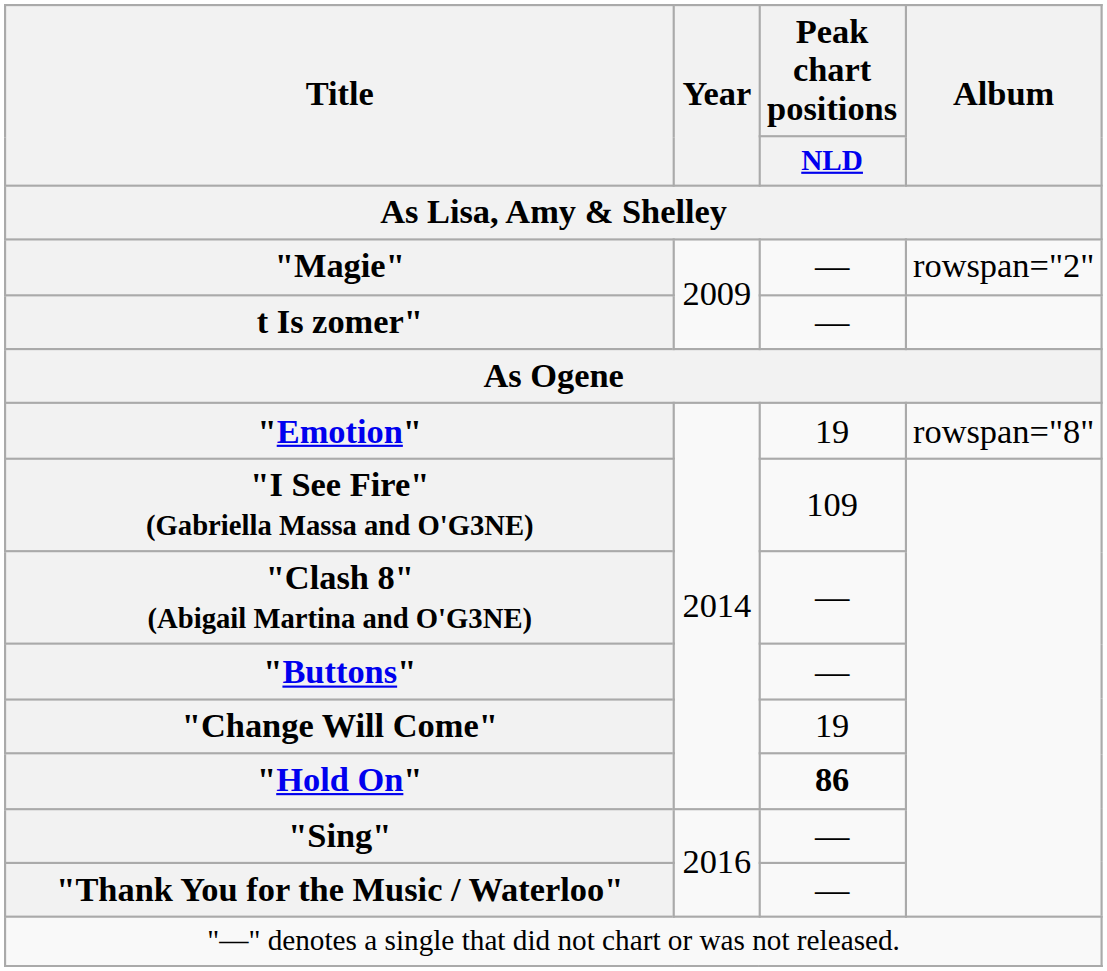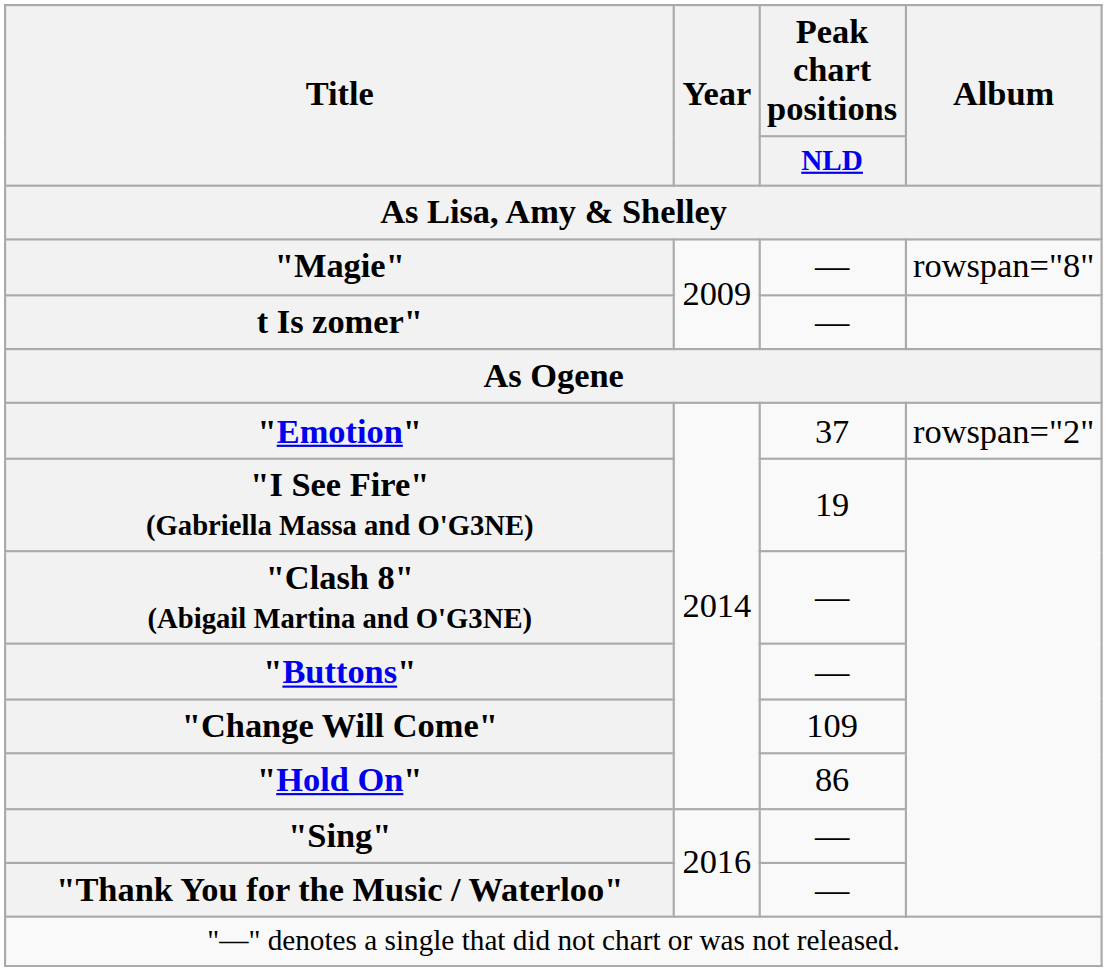 <table class="wikitable plainrowheaders" style="text-align:center;">
 <tr>
 <th scope="col" rowspan="2" style="width:19em;">Title</th>
 <th scope="col" rowspan="2" style="width:1em;">Year</th>
 <th scope="col">Peak chart positions</th>
 <th scope="col" rowspan="2">Album</th>
 </tr>
 <tr>
 <th scope="col" style="width:3em;font-size:85%;"><a href='#'>NLD</a><br></th>
 </tr>
 <tr>
 <th scope="col" colspan="6">As Lisa, Amy & Shelley</th>
 </tr>
 <tr>
 <th scope="row">"Magie"</th>
 <td rowspan="2">2009</td>
 <td>—</td>
-<td>rowspan="2" </td>
+<td>rowspan="8" </td>
 </tr>
 <tr>
 <th scope="row">t Is zomer"</th>
 <td>—</td>
 </tr>
 <tr>
 <th scope="col" colspan="6">As Ogene</th>
 </tr>
 <tr>
 <th scope="row">"<a href='#'>Emotion</a>"</th>
 <td rowspan="6">2014</td>
-<td>19</td>
-<td>rowspan="8" </td>
+<td>37</td>
+<td>rowspan="2" </td>
 </tr>
 <tr>
 <th scope="row">"I See Fire"<br><small>(Gabriella Massa and O'G3NE)</small></th>
-<td>109</td>
+<td>19</td>
 </tr>
 <tr>
 <th scope="row">"Clash 8"<br><small>(Abigail Martina and O'G3NE)</small></th>
 <td>—</td>
 </tr>
 <tr>
 <th scope="row">"<a href='#'>Buttons</a>"</th>
 <td>—</td>
 </tr>
 <tr>
 <th scope="row">"Change Will Come"</th>
-<td>19</td>
+<td>109</td>
 </tr>
 <tr>
 <th scope="row">"<a href='#'>Hold On</a>"</th>
-<td><strong>86</strong></td>
+<td>86</td>
 </tr>
 <tr>
 <th scope="row">"Sing"</th>
 <td rowspan="2">2016</td>
 <td>—</td>
 </tr>
 <tr>
 <th scope="row">"Thank You for the Music / Waterloo"</th>
 <td>—</td>
 </tr>
 <tr>
 <td colspan="20" style="text-align:center; font-size:85%;">"—" denotes a single that did not chart or was not released.</td>
 </tr>
 <tr>
 </tr>
 </table>
